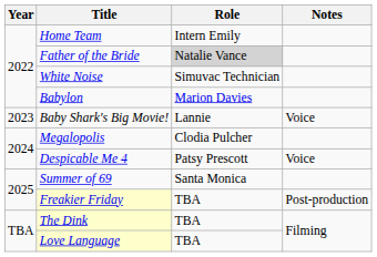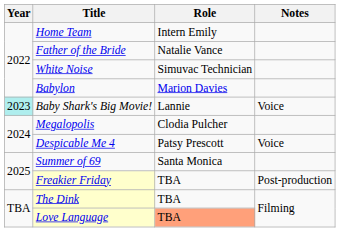 <table class="wikitable">
 <tr>
 <th>Year</th>
 <th>Title</th>
 <th>Role</th>
 <th>Notes</th>
 </tr>
 <tr>
 <td rowspan="4">2022</td>
 <td><em><a href='#'>Home Team</a></em></td>
 <td>Intern Emily</td>
 <td></td>
 </tr>
 <tr>
 <td><em><a href='#'>Father of the Bride</a></em></td>
-<td style="background: lightgrey;">Natalie Vance</td>
+<td>Natalie Vance</td>
 <td></td>
 </tr>
 <tr>
 <td><em><a href='#'>White Noise</a></em></td>
 <td>Simuvac Technician</td>
 <td></td>
 </tr>
 <tr>
 <td><em><a href='#'>Babylon</a></em></td>
 <td><a href='#'>Marion Davies</a></td>
 <td></td>
 </tr>
 <tr>
-<td>2023</td>
+<td style="background: paleturquoise;">2023</td>
 <td><em>Baby Shark's Big Movie!</em></td>
 <td>Lannie</td>
 <td>Voice</td>
 </tr>
 <tr>
 <td rowspan="2">2024</td>
 <td><em><a href='#'>Megalopolis</a></em></td>
 <td>Clodia Pulcher</td>
 <td></td>
 </tr>
 <tr>
 <td><em><a href='#'>Despicable Me 4</a></em></td>
 <td>Patsy Prescott</td>
 <td>Voice</td>
 </tr>
 <tr>
 <td rowspan="2">2025</td>
 <td><em><a href='#'>Summer of 69</a></em></td>
 <td>Santa Monica</td>
 <td></td>
 </tr>
 <tr>
 <td style="background:#FFFFCC;"><em><a href='#'>Freakier Friday</a></em> </td>
 <td>TBA</td>
 <td>Post-production</td>
 </tr>
 <tr>
 <td rowspan="2">TBA</td>
 <td style="background:#FFFFCC;"><em><a href='#'>The Dink</a></em> </td>
 <td>TBA</td>
 <td rowspan="2">Filming</td>
 </tr>
 <tr>
 <td style="background:#FFFFCC;"><a href='#'><em>Love Language</em></a> </td>
-<td>TBA</td>
+<td style="background: lightsalmon;">TBA</td>
 </tr>
 </table>
